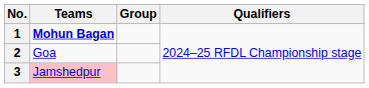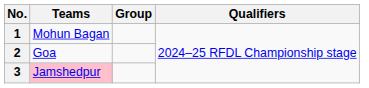 <table class=wikitable>
 <tr>
 <th>No.</th>
 <th>Teams</th>
 <th>Group</th>
 <th>Qualifiers</th>
 </tr>
 <tr>
 <th>1</th>
-<td><strong> <a href='#'>Mohun Bagan</a></strong></td>
+<td> <a href='#'>Mohun Bagan</a></td>
 <td></td>
 <td rowspan=3><a href='#'>2024–25 RFDL Championship stage</a></td>
 </tr>
 <tr>
 <th>2</th>
 <td> <a href='#'> Goa</a></td>
 <td></td>
 </tr>
 <tr>
 <th>3</th>
 <td {{nowrap style="background: pink;"> <a href='#'>Jamshedpur</a></td>
 <td></td>
 </tr>
 </table>
